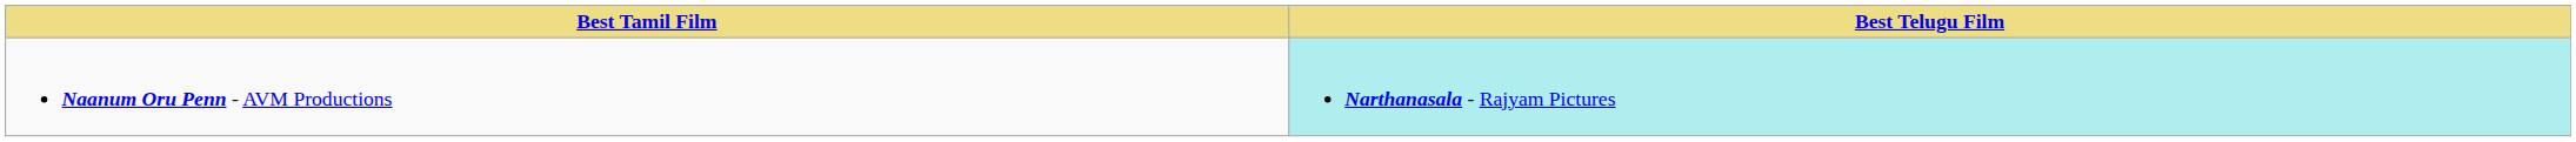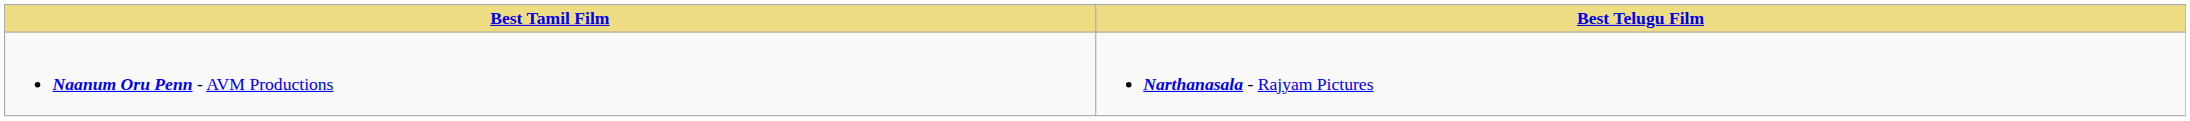 <table class="wikitable" width=100% |>
 <tr>
 <th !  style="background:#eedd82; text-align:center; width:50%;"><a href='#'>Best Tamil Film</a></th>
 <th !  style="background:#eedd82; text-align:center; width:50%;"><a href='#'>Best Telugu Film</a></th>
 </tr>
 <tr>
 <td valign="top"><br><ul><li><strong><em><a href='#'>Naanum Oru Penn</a></em></strong> - <a href='#'>AVM Productions</a></li></ul></td>
-<td valign="top" style="background: paleturquoise;"><br><ul><li><strong><em><a href='#'>Narthanasala</a></em></strong> - <a href='#'>Rajyam Pictures</a></li></ul></td>
+<td valign="top"><br><ul><li><strong><em><a href='#'>Narthanasala</a></em></strong> - <a href='#'>Rajyam Pictures</a></li></ul></td>
 </tr>
 </table>
